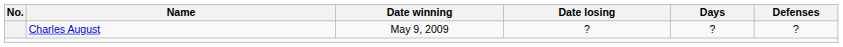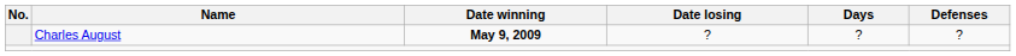 <table class="wikitable" style="width:100%;">
 <tr>
 <th style="width:1%;">No.</th>
 <th style="width:37%;">Name</th>
 <th style="width:20%;">Date winning</th>
 <th style="width:20%;">Date losing</th>
 <th data-sort-type="number" style="width:10%;">Days</th>
 <th data-sort-type="number" style="width:10%;">Defenses</th>
 </tr>
 <tr align=center>
 <th></th>
 <td align=left> <a href='#'>Charles August</a></td>
-<td>May 9, 2009</td>
+<td><strong>May 9, 2009</strong></td>
 <td>?</td>
 <td>?</td>
 <td>?</td>
 </tr>
 <tr>
 <td colspan="6"></td>
 </tr>
 </table>
